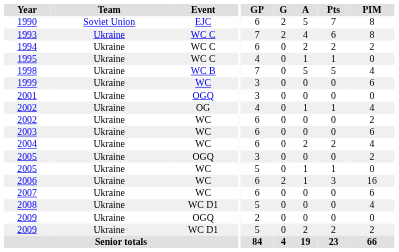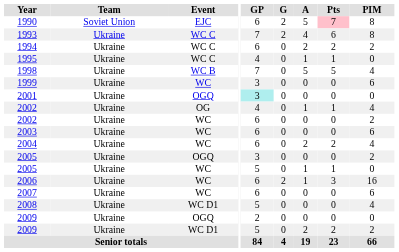 <table border="0" cellpadding="1" cellspacing="0" style="text-align:center; width:40em">
 <tr bgcolor="#e0e0e0">
 <th>Year</th>
 <th>Team</th>
 <th>Event</th>
 <th rowspan="99" bgcolor="#ffffff"></th>
 <th>GP</th>
 <th>G</th>
 <th>A</th>
 <th>Pts</th>
 <th>PIM</th>
 </tr>
 <tr>
 <td><a href='#'>1990</a></td>
 <td><a href='#'>Soviet Union</a></td>
 <td><a href='#'>EJC</a></td>
 <td>6</td>
 <td>2</td>
 <td>5</td>
-<td>7</td>
+<td style="background: pink;">7</td>
 <td>8</td>
 </tr>
 <tr bgcolor="#f0f0f0">
 <td><a href='#'>1993</a></td>
 <td><a href='#'>Ukraine</a></td>
 <td><a href='#'>WC C</a></td>
 <td>7</td>
 <td>2</td>
 <td>4</td>
 <td>6</td>
 <td>8</td>
 </tr>
 <tr>
 <td><a href='#'>1994</a></td>
 <td>Ukraine</td>
 <td>WC C</td>
 <td>6</td>
 <td>0</td>
 <td>2</td>
 <td>2</td>
 <td>2</td>
 </tr>
 <tr bgcolor="#f0f0f0">
 <td><a href='#'>1995</a></td>
 <td>Ukraine</td>
 <td>WC C</td>
 <td>4</td>
 <td>0</td>
 <td>1</td>
 <td>1</td>
 <td>0</td>
 </tr>
 <tr>
 <td><a href='#'>1998</a></td>
 <td>Ukraine</td>
 <td><a href='#'>WC B</a></td>
 <td>7</td>
 <td>0</td>
 <td>5</td>
 <td>5</td>
 <td>4</td>
 </tr>
 <tr bgcolor="#f0f0f0">
 <td><a href='#'>1999</a></td>
 <td>Ukraine</td>
 <td><a href='#'>WC</a></td>
 <td>3</td>
 <td>0</td>
 <td>0</td>
 <td>0</td>
 <td>6</td>
 </tr>
 <tr>
 <td><a href='#'>2001</a></td>
 <td>Ukraine</td>
 <td><a href='#'>OGQ</a></td>
-<td>3</td>
+<td style="background: paleturquoise;">3</td>
 <td>0</td>
 <td>0</td>
 <td>0</td>
 <td>0</td>
 </tr>
 <tr bgcolor="#f0f0f0">
 <td><a href='#'>2002</a></td>
 <td>Ukraine</td>
 <td>OG</td>
 <td>4</td>
 <td>0</td>
 <td>1</td>
 <td>1</td>
 <td>4</td>
 </tr>
 <tr>
 <td><a href='#'>2002</a></td>
 <td>Ukraine</td>
 <td>WC</td>
 <td>6</td>
 <td>0</td>
 <td>0</td>
 <td>0</td>
 <td>2</td>
 </tr>
 <tr bgcolor="#f0f0f0">
 <td><a href='#'>2003</a></td>
 <td>Ukraine</td>
 <td>WC</td>
 <td>6</td>
 <td>0</td>
 <td>0</td>
 <td>0</td>
 <td>6</td>
 </tr>
 <tr>
 <td><a href='#'>2004</a></td>
 <td>Ukraine</td>
 <td>WC</td>
 <td>6</td>
 <td>0</td>
 <td>2</td>
 <td>2</td>
 <td>4</td>
 </tr>
 <tr bgcolor="#f0f0f0">
 <td><a href='#'>2005</a></td>
 <td>Ukraine</td>
 <td>OGQ</td>
 <td>3</td>
 <td>0</td>
 <td>0</td>
 <td>0</td>
 <td>2</td>
 </tr>
 <tr>
 <td><a href='#'>2005</a></td>
 <td>Ukraine</td>
 <td>WC</td>
 <td>5</td>
 <td>0</td>
 <td>1</td>
 <td>1</td>
 <td>0</td>
 </tr>
 <tr bgcolor="#f0f0f0">
 <td><a href='#'>2006</a></td>
 <td>Ukraine</td>
 <td>WC</td>
 <td>6</td>
 <td>2</td>
 <td>1</td>
 <td>3</td>
 <td>16</td>
 </tr>
 <tr>
 <td><a href='#'>2007</a></td>
 <td>Ukraine</td>
 <td>WC</td>
 <td>6</td>
 <td>0</td>
 <td>0</td>
 <td>0</td>
 <td>6</td>
 </tr>
 <tr bgcolor="#f0f0f0">
 <td><a href='#'>2008</a></td>
 <td>Ukraine</td>
 <td>WC D1</td>
 <td>5</td>
 <td>0</td>
 <td>0</td>
 <td>0</td>
 <td>4</td>
 </tr>
 <tr>
 <td><a href='#'>2009</a></td>
 <td>Ukraine</td>
 <td>OGQ</td>
 <td>2</td>
 <td>0</td>
 <td>0</td>
 <td>0</td>
 <td>0</td>
 </tr>
 <tr bgcolor="#f0f0f0">
 <td><a href='#'>2009</a></td>
 <td>Ukraine</td>
 <td>WC D1</td>
 <td>5</td>
 <td>0</td>
 <td>2</td>
 <td>2</td>
 <td>2</td>
 </tr>
 <tr bgcolor="#e0e0e0">
 <th colspan="3">Senior totals</th>
 <th>84</th>
 <th>4</th>
 <th>19</th>
 <th>23</th>
 <th>66</th>
 </tr>
 </table>
